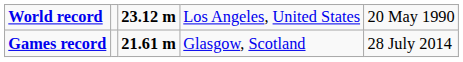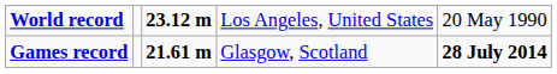 <table class="wikitable">
 <tr>
 <td><a href='#'><strong>World record</strong></a></td>
 <td></td>
 <td><strong>23.12 m</strong></td>
 <td><a href='#'>Los Angeles</a>, <a href='#'>United States</a></td>
 <td>20 May 1990</td>
 </tr>
 <tr>
 <td><a href='#'><strong>Games record</strong></a></td>
 <td></td>
 <td><strong>21.61 m</strong></td>
 <td><a href='#'>Glasgow</a>, <a href='#'>Scotland</a></td>
-<td>28 July 2014</td>
+<td><strong>28 July 2014</strong></td>
 </tr>
 </table>
